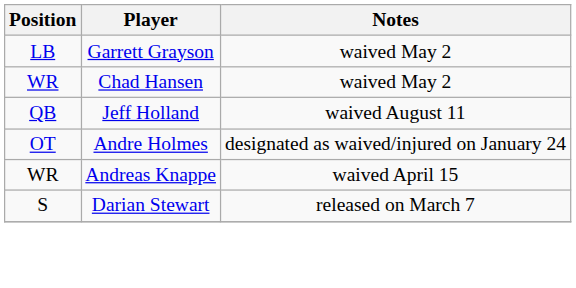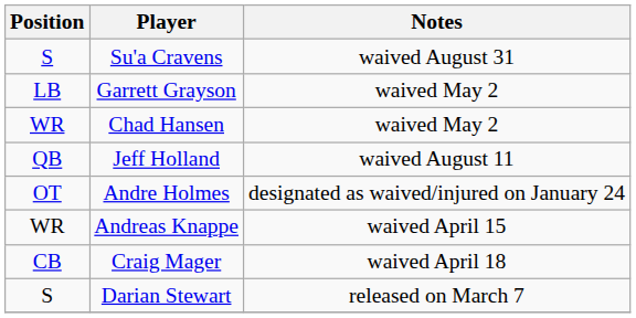 <table class="wikitable" style="text-align:center">
 <tr>
 <th>Position</th>
 <th>Player</th>
 <th>Notes</th>
+</tr>
+<tr>
+<td><a href='#'>S</a></td>
+<td><a href='#'>Su'a Cravens</a></td>
+<td>waived August 31</td>
 </tr>
 <tr>
 <td><a href='#'>LB</a></td>
 <td><a href='#'>Garrett Grayson</a></td>
 <td>waived May 2</td>
 </tr>
 <tr>
 <td><a href='#'>WR</a></td>
 <td><a href='#'>Chad Hansen</a></td>
 <td>waived May 2</td>
 </tr>
 <tr>
 <td><a href='#'>QB</a></td>
 <td><a href='#'>Jeff Holland</a></td>
 <td>waived August 11</td>
 </tr>
 <tr>
 <td><a href='#'>OT</a></td>
 <td><a href='#'>Andre Holmes</a></td>
 <td>designated as waived/injured on January 24</td>
 </tr>
 <tr>
 <td>WR</td>
 <td><a href='#'>Andreas Knappe</a></td>
 <td>waived April 15</td>
 </tr>
 <tr>
+<td><a href='#'>CB</a></td>
+<td><a href='#'>Craig Mager</a></td>
+<td>waived April 18</td>
+</tr>
+<tr>
 <td>S</td>
 <td><a href='#'>Darian Stewart</a></td>
 <td>released on March 7</td>
 </tr>
 <tr>
 </tr>
 </table>
